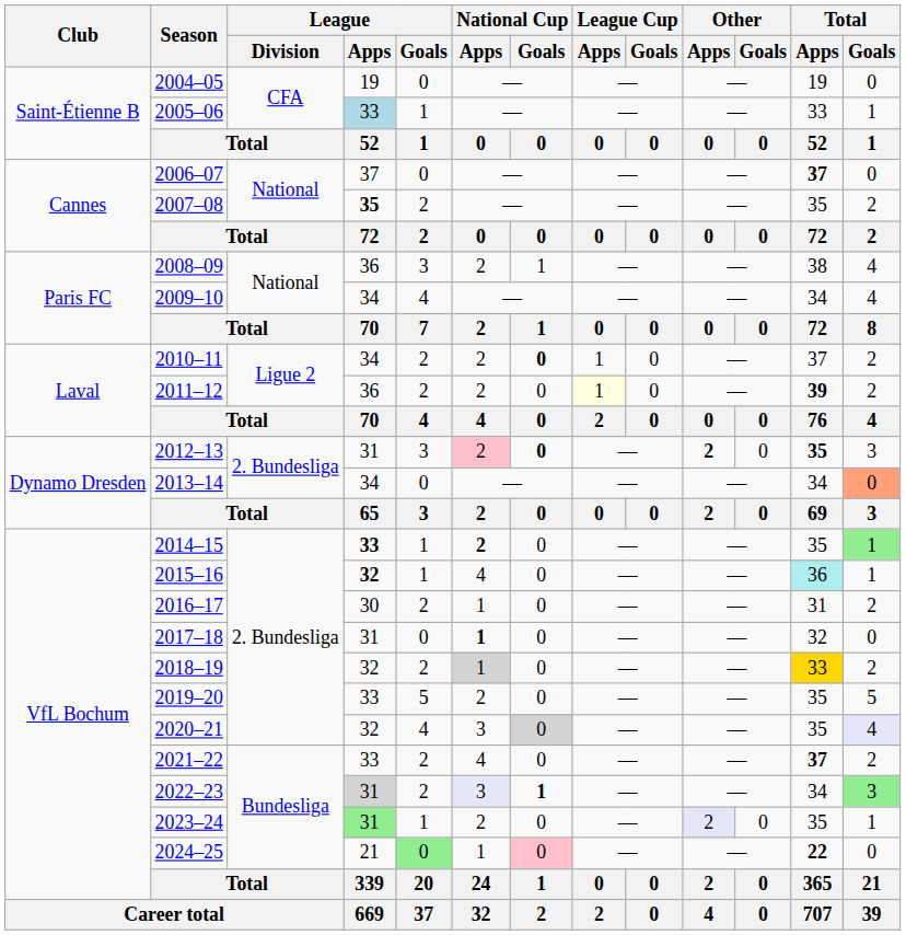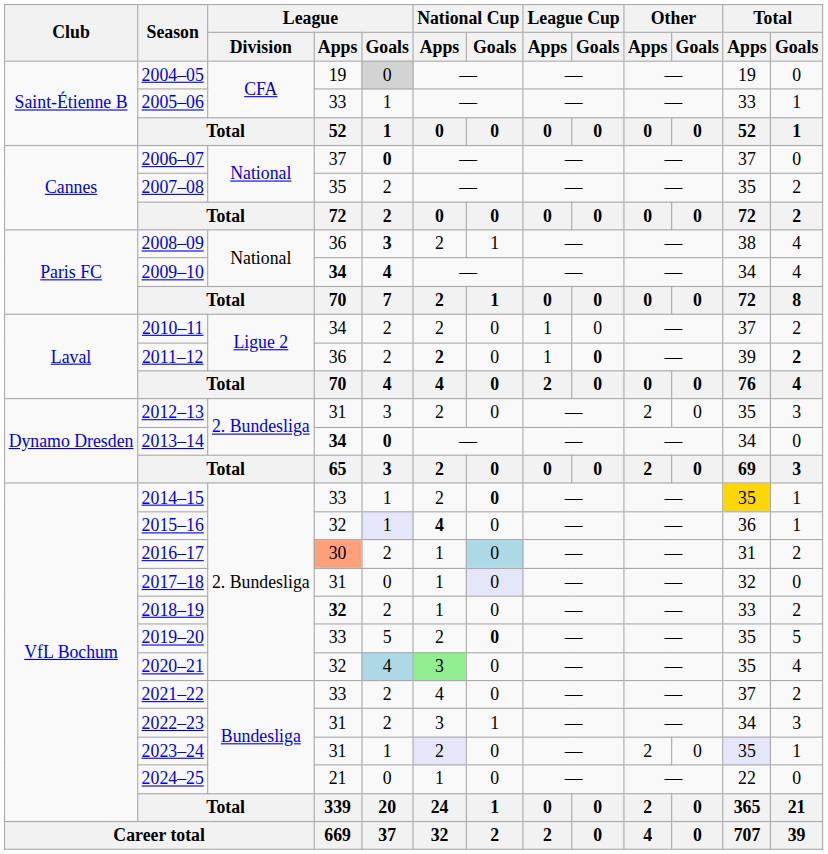 <table class="wikitable" style="text-align:center">
 <tr>
 <th rowspan="2">Club</th>
 <th rowspan="2">Season</th>
 <th colspan="3">League</th>
 <th colspan="2">National Cup</th>
 <th colspan="2">League Cup</th>
 <th colspan="2">Other</th>
 <th colspan="2">Total</th>
 </tr>
 <tr>
 <th>Division</th>
 <th>Apps</th>
 <th>Goals</th>
 <th>Apps</th>
 <th>Goals</th>
 <th>Apps</th>
 <th>Goals</th>
 <th>Apps</th>
 <th>Goals</th>
 <th>Apps</th>
 <th>Goals</th>
 </tr>
 <tr>
 <td rowspan="3"><a href='#'>Saint-Étienne B</a></td>
 <td><a href='#'>2004–05</a></td>
 <td rowspan="2"><a href='#'>CFA</a></td>
 <td>19</td>
-<td>0</td>
+<td style="background: lightgrey;">0</td>
 <td colspan="2">—</td>
 <td colspan="2">—</td>
 <td colspan="2">—</td>
 <td>19</td>
 <td>0</td>
 </tr>
 <tr>
 <td><a href='#'>2005–06</a></td>
-<td style="background: lightblue;">33</td>
+<td>33</td>
 <td>1</td>
 <td colspan="2">—</td>
 <td colspan="2">—</td>
 <td colspan="2">—</td>
 <td>33</td>
 <td>1</td>
 </tr>
 <tr>
 <th colspan="2">Total</th>
 <th>52</th>
 <th>1</th>
 <th>0</th>
 <th>0</th>
 <th>0</th>
 <th>0</th>
 <th>0</th>
 <th>0</th>
 <th>52</th>
 <th>1</th>
 </tr>
 <tr>
 <td rowspan="3"><a href='#'>Cannes</a></td>
 <td><a href='#'>2006–07</a></td>
 <td rowspan="2"><a href='#'>National</a></td>
 <td>37</td>
-<td>0</td>
+<td><strong>0</strong></td>
 <td colspan="2">—</td>
 <td colspan="2">—</td>
 <td colspan="2">—</td>
-<td><strong>37</strong></td>
+<td>37</td>
 <td>0</td>
 </tr>
 <tr>
 <td><a href='#'>2007–08</a></td>
-<td><strong>35</strong></td>
+<td>35</td>
 <td>2</td>
 <td colspan="2">—</td>
 <td colspan="2">—</td>
 <td colspan="2">—</td>
 <td>35</td>
 <td>2</td>
 </tr>
 <tr>
 <th colspan="2">Total</th>
 <th>72</th>
 <th>2</th>
 <th>0</th>
 <th>0</th>
 <th>0</th>
 <th>0</th>
 <th>0</th>
 <th>0</th>
 <th>72</th>
 <th>2</th>
 </tr>
 <tr>
 <td rowspan="3"><a href='#'>Paris FC</a></td>
 <td><a href='#'>2008–09</a></td>
 <td rowspan="2">National</td>
 <td>36</td>
-<td>3</td>
+<td><strong>3</strong></td>
 <td>2</td>
 <td>1</td>
 <td colspan="2">—</td>
 <td colspan="2">—</td>
 <td>38</td>
 <td>4</td>
 </tr>
 <tr>
 <td><a href='#'>2009–10</a></td>
-<td>34</td>
-<td>4</td>
+<td><strong>34</strong></td>
+<td><strong>4</strong></td>
 <td colspan="2">—</td>
 <td colspan="2">—</td>
 <td colspan="2">—</td>
 <td>34</td>
 <td>4</td>
 </tr>
 <tr>
 <th colspan="2">Total</th>
 <th>70</th>
 <th>7</th>
 <th>2</th>
 <th>1</th>
 <th>0</th>
 <th>0</th>
 <th>0</th>
 <th>0</th>
 <th>72</th>
 <th>8</th>
 </tr>
 <tr>
 <td rowspan="3"><a href='#'>Laval</a></td>
 <td><a href='#'>2010–11</a></td>
 <td rowspan="2"><a href='#'>Ligue 2</a></td>
 <td>34</td>
 <td>2</td>
 <td>2</td>
-<td><strong>0</strong></td>
+<td>0</td>
 <td>1</td>
 <td>0</td>
 <td colspan="2">—</td>
 <td>37</td>
 <td>2</td>
 </tr>
 <tr>
 <td><a href='#'>2011–12</a></td>
 <td>36</td>
 <td>2</td>
-<td>2</td>
+<td><strong>2</strong></td>
 <td>0</td>
-<td style="background: lightyellow;">1</td>
-<td>0</td>
+<td>1</td>
+<td><strong>0</strong></td>
 <td colspan="2">—</td>
-<td><strong>39</strong></td>
-<td>2</td>
+<td>39</td>
+<td><strong>2</strong></td>
 </tr>
 <tr>
 <th colspan="2">Total</th>
 <th>70</th>
 <th>4</th>
 <th>4</th>
 <th>0</th>
 <th>2</th>
 <th>0</th>
 <th>0</th>
 <th>0</th>
 <th>76</th>
 <th>4</th>
 </tr>
 <tr>
 <td rowspan="3"><a href='#'>Dynamo Dresden</a></td>
 <td><a href='#'>2012–13</a></td>
 <td rowspan="2"><a href='#'>2. Bundesliga</a></td>
 <td>31</td>
 <td>3</td>
-<td style="background: pink;">2</td>
-<td><strong>0</strong></td>
+<td>2</td>
+<td>0</td>
 <td colspan="2">—</td>
-<td><strong>2</strong></td>
+<td>2</td>
 <td>0</td>
-<td><strong>35</strong></td>
+<td>35</td>
 <td>3</td>
 </tr>
 <tr>
 <td><a href='#'>2013–14</a></td>
-<td>34</td>
-<td>0</td>
+<td><strong>34</strong></td>
+<td><strong>0</strong></td>
 <td colspan="2">—</td>
 <td colspan="2">—</td>
 <td colspan="2">—</td>
 <td>34</td>
-<td style="background: lightsalmon;">0</td>
+<td>0</td>
 </tr>
 <tr>
 <th colspan="2">Total</th>
 <th>65</th>
 <th>3</th>
 <th>2</th>
 <th>0</th>
 <th>0</th>
 <th>0</th>
 <th>2</th>
 <th>0</th>
 <th>69</th>
 <th>3</th>
 </tr>
 <tr>
 <td rowspan="12"><a href='#'>VfL Bochum</a></td>
 <td><a href='#'>2014–15</a></td>
 <td rowspan="7">2. Bundesliga</td>
-<td><strong>33</strong></td>
+<td>33</td>
 <td>1</td>
-<td><strong>2</strong></td>
+<td>2</td>
+<td><strong>0</strong></td>
+<td colspan="2">—</td>
+<td colspan="2">—</td>
+<td style="background: gold;">35</td>
+<td>1</td>
+</tr>
+<tr>
+<td><a href='#'>2015–16</a></td>
+<td>32</td>
+<td style="background: lavender;">1</td>
+<td><strong>4</strong></td>
 <td>0</td>
 <td colspan="2">—</td>
 <td colspan="2">—</td>
-<td>35</td>
-<td style="background: lightgreen;">1</td>
-</tr>
-<tr>
-<td><a href='#'>2015–16</a></td>
-<td><strong>32</strong></td>
-<td>1</td>
-<td>4</td>
-<td>0</td>
-<td colspan="2">—</td>
-<td colspan="2">—</td>
-<td style="background: paleturquoise;">36</td>
+<td>36</td>
 <td>1</td>
 </tr>
 <tr>
 <td><a href='#'>2016–17</a></td>
-<td>30</td>
+<td style="background: lightsalmon;">30</td>
 <td>2</td>
 <td>1</td>
-<td>0</td>
+<td style="background: lightblue;">0</td>
 <td colspan="2">—</td>
 <td colspan="2">—</td>
 <td>31</td>
 <td>2</td>
 </tr>
 <tr>
 <td><a href='#'>2017–18</a></td>
 <td>31</td>
 <td>0</td>
-<td><strong>1</strong></td>
-<td>0</td>
+<td>1</td>
+<td style="background: lavender;">0</td>
 <td colspan="2">—</td>
 <td colspan="2">—</td>
 <td>32</td>
 <td>0</td>
 </tr>
 <tr>
 <td><a href='#'>2018–19</a></td>
-<td>32</td>
+<td><strong>32</strong></td>
 <td>2</td>
-<td style="background: lightgrey;">1</td>
+<td>1</td>
 <td>0</td>
 <td colspan="2">—</td>
 <td colspan="2">—</td>
-<td style="background: gold;">33</td>
+<td>33</td>
 <td>2</td>
 </tr>
 <tr>
 <td><a href='#'>2019–20</a></td>
 <td>33</td>
 <td>5</td>
 <td>2</td>
-<td>0</td>
+<td><strong>0</strong></td>
 <td colspan="2">—</td>
 <td colspan="2">—</td>
 <td>35</td>
 <td>5</td>
 </tr>
 <tr>
 <td><a href='#'>2020–21</a></td>
 <td>32</td>
-<td>4</td>
-<td>3</td>
-<td style="background: lightgrey;">0</td>
+<td style="background: lightblue;">4</td>
+<td style="background: lightgreen;">3</td>
+<td>0</td>
 <td colspan="2">—</td>
 <td colspan="2">—</td>
 <td>35</td>
-<td style="background: lavender;">4</td>
+<td>4</td>
 </tr>
 <tr>
 <td><a href='#'>2021–22</a></td>
 <td rowspan="4"><a href='#'>Bundesliga</a></td>
 <td>33</td>
 <td>2</td>
 <td>4</td>
 <td>0</td>
 <td colspan="2">—</td>
 <td colspan="2">—</td>
-<td><strong>37</strong></td>
+<td>37</td>
 <td>2</td>
 </tr>
 <tr>
 <td><a href='#'>2022–23</a></td>
-<td style="background: lightgrey;">31</td>
+<td>31</td>
 <td>2</td>
-<td style="background: lavender;">3</td>
-<td><strong>1</strong></td>
+<td>3</td>
+<td>1</td>
 <td colspan="2">—</td>
 <td colspan="2">—</td>
 <td>34</td>
-<td style="background: lightgreen;">3</td>
+<td>3</td>
 </tr>
 <tr>
 <td><a href='#'>2023–24</a></td>
-<td style="background: lightgreen;">31</td>
+<td>31</td>
 <td>1</td>
+<td style="background: lavender;">2</td>
+<td>0</td>
+<td colspan="2">—</td>
 <td>2</td>
 <td>0</td>
-<td colspan="2">—</td>
-<td style="background: lavender;">2</td>
-<td>0</td>
-<td>35</td>
+<td style="background: lavender;">35</td>
 <td>1</td>
 </tr>
 <tr>
 <td><a href='#'>2024–25</a></td>
 <td>21</td>
-<td style="background: lightgreen;">0</td>
+<td>0</td>
 <td>1</td>
-<td style="background: pink;">0</td>
+<td>0</td>
 <td colspan="2">—</td>
 <td colspan="2">—</td>
-<td><strong>22</strong></td>
+<td>22</td>
 <td>0</td>
 </tr>
 <tr>
 <th colspan="2">Total</th>
 <th>339</th>
 <th>20</th>
 <th>24</th>
 <th>1</th>
 <th>0</th>
 <th>0</th>
 <th>2</th>
 <th>0</th>
 <th>365</th>
 <th>21</th>
 </tr>
 <tr>
 <th colspan="3">Career total</th>
 <th>669</th>
 <th>37</th>
 <th>32</th>
 <th>2</th>
 <th>2</th>
 <th>0</th>
 <th>4</th>
 <th>0</th>
 <th>707</th>
 <th>39</th>
 </tr>
 </table>
